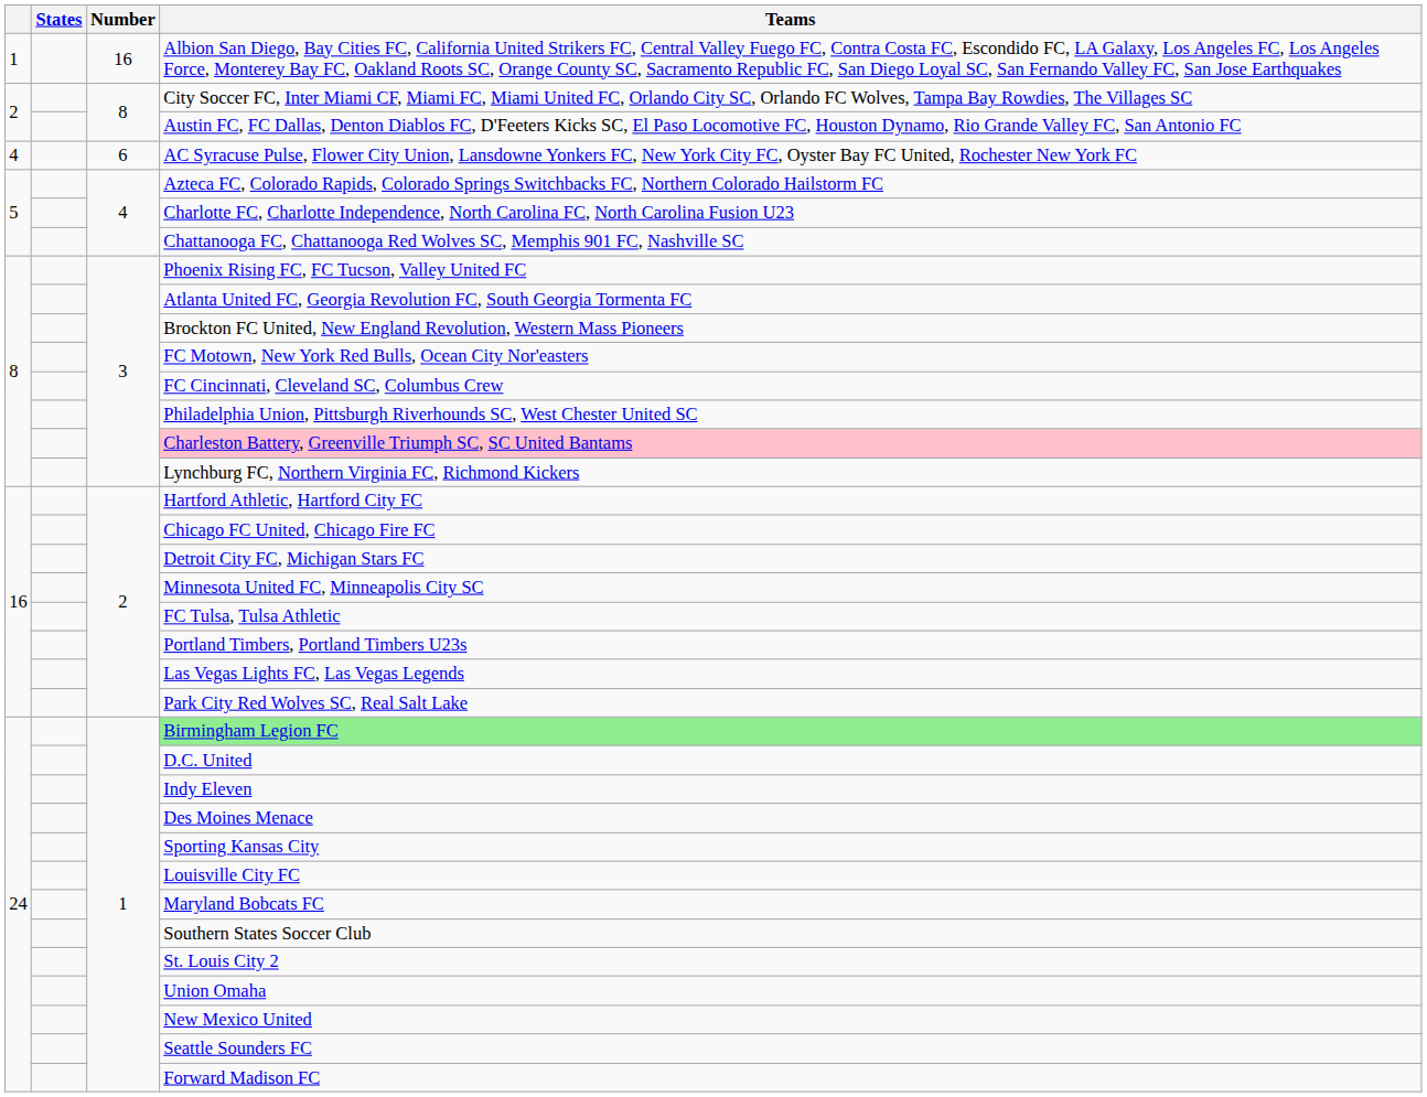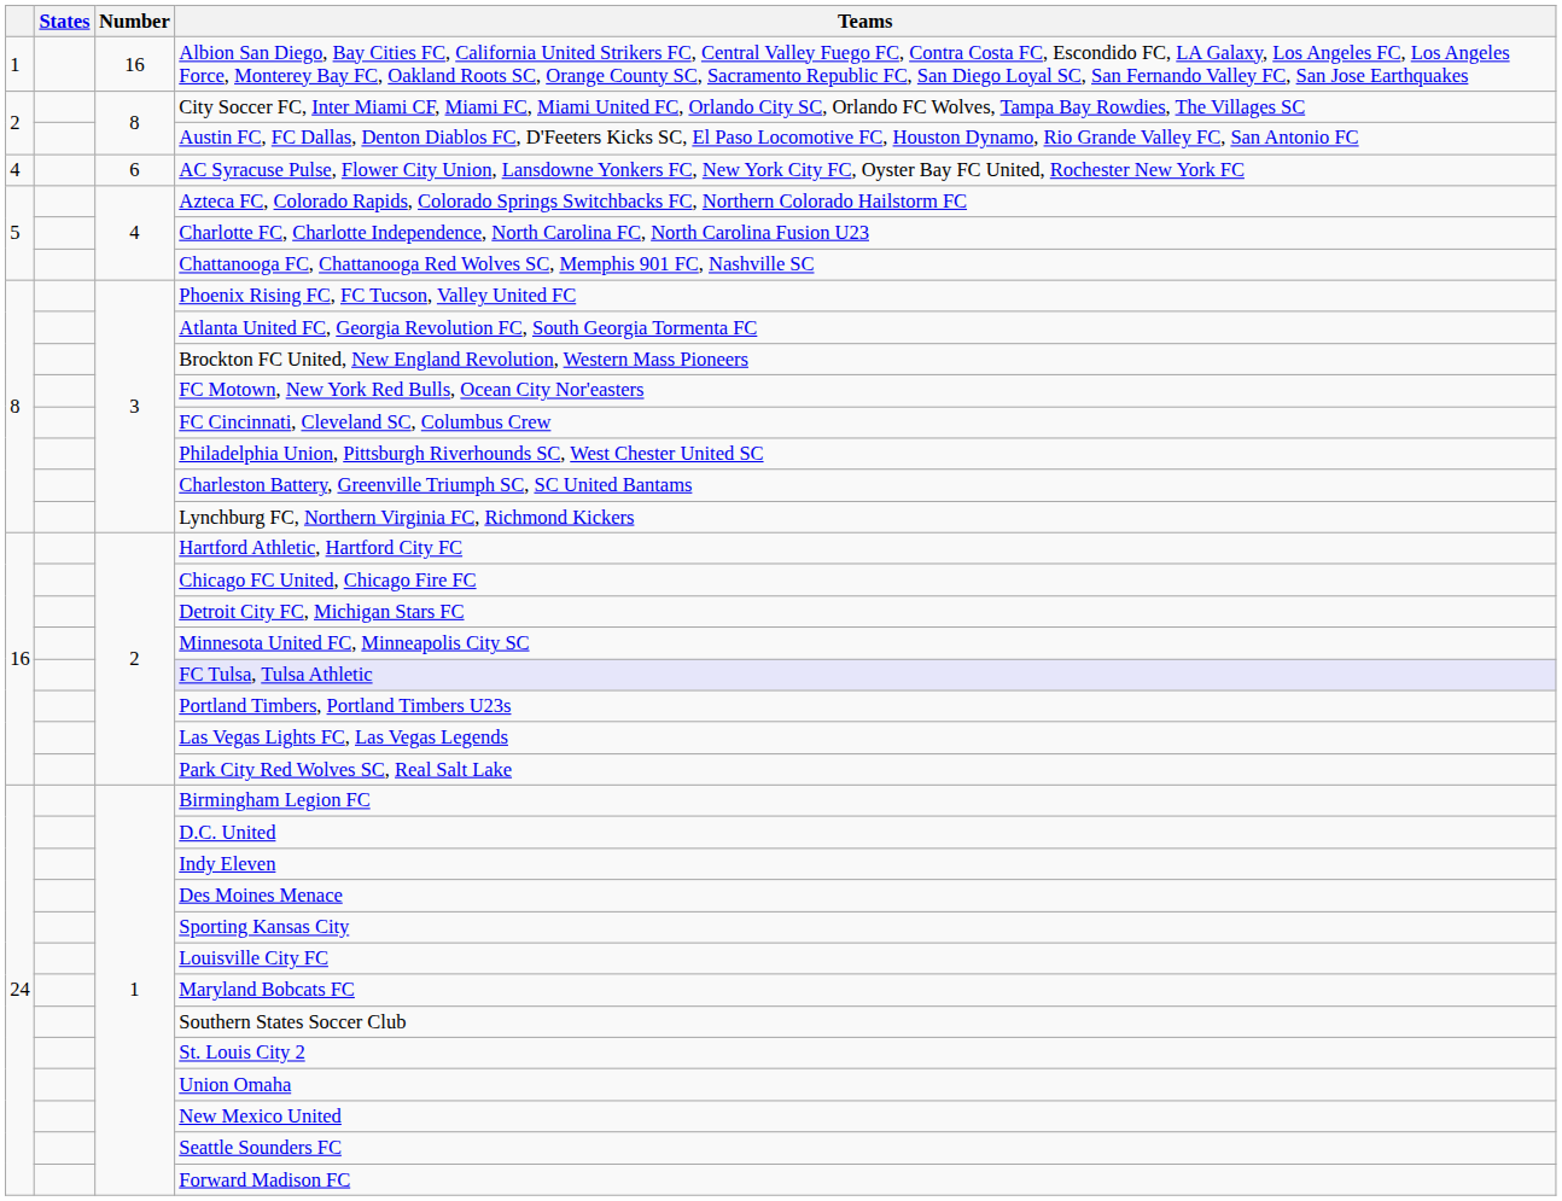 <table class="wikitable">
 <tr>
 <th></th>
 <th><a href='#'>States</a></th>
 <th>Number</th>
 <th>Teams</th>
 </tr>
 <tr>
 <td>1</td>
 <td></td>
 <td align=center>16</td>
 <td><a href='#'>Albion San Diego</a>, <a href='#'>Bay Cities FC</a>, <a href='#'>California United Strikers FC</a>, <a href='#'>Central Valley Fuego FC</a>, <a href='#'>Contra Costa FC</a>, Escondido FC, <a href='#'>LA Galaxy</a>, <a href='#'>Los Angeles FC</a>, <a href='#'>Los Angeles Force</a>, <a href='#'>Monterey Bay FC</a>, <a href='#'>Oakland Roots SC</a>, <a href='#'>Orange County SC</a>, <a href='#'>Sacramento Republic FC</a>, <a href='#'>San Diego Loyal SC</a>, <a href='#'>San Fernando Valley FC</a>, <a href='#'>San Jose Earthquakes</a></td>
 </tr>
 <tr>
 <td rowspan="2">2</td>
 <td></td>
 <td rowspan="2" align=center>8</td>
 <td>City Soccer FC, <a href='#'>Inter Miami CF</a>, <a href='#'>Miami FC</a>, <a href='#'>Miami United FC</a>, <a href='#'>Orlando City SC</a>, Orlando FC Wolves, <a href='#'>Tampa Bay Rowdies</a>, <a href='#'>The Villages SC</a></td>
 </tr>
 <tr>
 <td></td>
 <td><a href='#'>Austin FC</a>, <a href='#'>FC Dallas</a>, <a href='#'>Denton Diablos FC</a>, D'Feeters Kicks SC, <a href='#'>El Paso Locomotive FC</a>, <a href='#'>Houston Dynamo</a>, <a href='#'>Rio Grande Valley FC</a>, <a href='#'>San Antonio FC</a></td>
 </tr>
 <tr>
 <td>4</td>
 <td></td>
 <td align=center>6</td>
 <td><a href='#'>AC Syracuse Pulse</a>, <a href='#'>Flower City Union</a>, <a href='#'>Lansdowne Yonkers FC</a>, <a href='#'>New York City FC</a>, Oyster Bay FC United, <a href='#'>Rochester New York FC</a></td>
 </tr>
 <tr>
 <td rowspan="3">5</td>
 <td></td>
 <td rowspan="3" align=center>4</td>
 <td><a href='#'>Azteca FC</a>, <a href='#'>Colorado Rapids</a>, <a href='#'>Colorado Springs Switchbacks FC</a>, <a href='#'>Northern Colorado Hailstorm FC</a></td>
 </tr>
 <tr>
 <td></td>
 <td><a href='#'>Charlotte FC</a>, <a href='#'>Charlotte Independence</a>, <a href='#'>North Carolina FC</a>, <a href='#'>North Carolina Fusion U23</a></td>
 </tr>
 <tr>
 <td></td>
 <td><a href='#'>Chattanooga FC</a>, <a href='#'>Chattanooga Red Wolves SC</a>, <a href='#'>Memphis 901 FC</a>, <a href='#'>Nashville SC</a></td>
 </tr>
 <tr>
 <td rowspan="8">8</td>
 <td></td>
 <td rowspan="8" align=center>3</td>
 <td><a href='#'>Phoenix Rising FC</a>, <a href='#'>FC Tucson</a>, <a href='#'>Valley United FC</a></td>
 </tr>
 <tr>
 <td></td>
 <td><a href='#'>Atlanta United FC</a>, <a href='#'>Georgia Revolution FC</a>, <a href='#'>South Georgia Tormenta FC</a></td>
 </tr>
 <tr>
 <td></td>
 <td>Brockton FC United, <a href='#'>New England Revolution</a>, <a href='#'>Western Mass Pioneers</a></td>
 </tr>
 <tr>
 <td></td>
 <td><a href='#'>FC Motown</a>, <a href='#'>New York Red Bulls</a>, <a href='#'>Ocean City Nor'easters</a></td>
 </tr>
 <tr>
 <td></td>
 <td><a href='#'>FC Cincinnati</a>, <a href='#'>Cleveland SC</a>, <a href='#'>Columbus Crew</a></td>
 </tr>
 <tr>
 <td></td>
 <td><a href='#'>Philadelphia Union</a>, <a href='#'>Pittsburgh Riverhounds SC</a>, <a href='#'>West Chester United SC</a></td>
 </tr>
 <tr>
 <td></td>
-<td style="background: pink;"><a href='#'>Charleston Battery</a>, <a href='#'>Greenville Triumph SC</a>, <a href='#'>SC United Bantams</a></td>
+<td><a href='#'>Charleston Battery</a>, <a href='#'>Greenville Triumph SC</a>, <a href='#'>SC United Bantams</a></td>
 </tr>
 <tr>
 <td></td>
 <td>Lynchburg FC, <a href='#'>Northern Virginia FC</a>, <a href='#'>Richmond Kickers</a></td>
 </tr>
 <tr>
 <td rowspan="8">16</td>
 <td></td>
 <td rowspan="8" align="center">2</td>
 <td><a href='#'>Hartford Athletic</a>, <a href='#'>Hartford City FC</a></td>
 </tr>
 <tr>
 <td></td>
 <td><a href='#'>Chicago FC United</a>, <a href='#'>Chicago Fire FC</a></td>
 </tr>
 <tr>
 <td></td>
 <td><a href='#'>Detroit City FC</a>, <a href='#'>Michigan Stars FC</a></td>
 </tr>
 <tr>
 <td></td>
 <td><a href='#'>Minnesota United FC</a>, <a href='#'>Minneapolis City SC</a></td>
 </tr>
 <tr>
 <td></td>
-<td><a href='#'>FC Tulsa</a>, <a href='#'>Tulsa Athletic</a></td>
+<td style="background: lavender;"><a href='#'>FC Tulsa</a>, <a href='#'>Tulsa Athletic</a></td>
 </tr>
 <tr>
 <td></td>
 <td><a href='#'>Portland Timbers</a>, <a href='#'>Portland Timbers U23s</a></td>
 </tr>
 <tr>
 <td></td>
 <td><a href='#'>Las Vegas Lights FC</a>, <a href='#'>Las Vegas Legends</a></td>
 </tr>
 <tr>
 <td></td>
 <td><a href='#'>Park City Red Wolves SC</a>, <a href='#'>Real Salt Lake</a></td>
 </tr>
 <tr>
 <td rowspan="13">24</td>
 <td></td>
 <td rowspan="13" align="center">1</td>
-<td style="background: lightgreen;"><a href='#'>Birmingham Legion FC</a></td>
+<td><a href='#'>Birmingham Legion FC</a></td>
 </tr>
 <tr>
 <td></td>
 <td><a href='#'>D.C. United</a></td>
 </tr>
 <tr>
 <td></td>
 <td><a href='#'>Indy Eleven</a></td>
 </tr>
 <tr>
 <td></td>
 <td><a href='#'>Des Moines Menace</a></td>
 </tr>
 <tr>
 <td></td>
 <td><a href='#'>Sporting Kansas City</a></td>
 </tr>
 <tr>
 <td></td>
 <td><a href='#'>Louisville City FC</a></td>
 </tr>
 <tr>
 <td></td>
 <td><a href='#'>Maryland Bobcats FC</a></td>
 </tr>
 <tr>
 <td></td>
 <td>Southern States Soccer Club</td>
 </tr>
 <tr>
 <td></td>
 <td><a href='#'>St. Louis City 2</a></td>
 </tr>
 <tr>
 <td></td>
 <td><a href='#'>Union Omaha</a></td>
 </tr>
 <tr>
 <td></td>
 <td><a href='#'>New Mexico United</a></td>
 </tr>
 <tr>
 <td></td>
 <td><a href='#'>Seattle Sounders FC</a></td>
 </tr>
 <tr>
 <td></td>
 <td><a href='#'>Forward Madison FC</a></td>
 </tr>
 </table>
